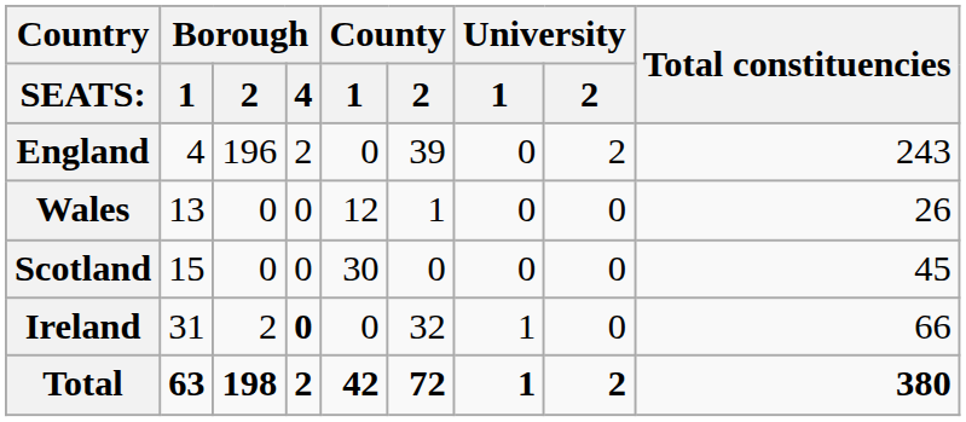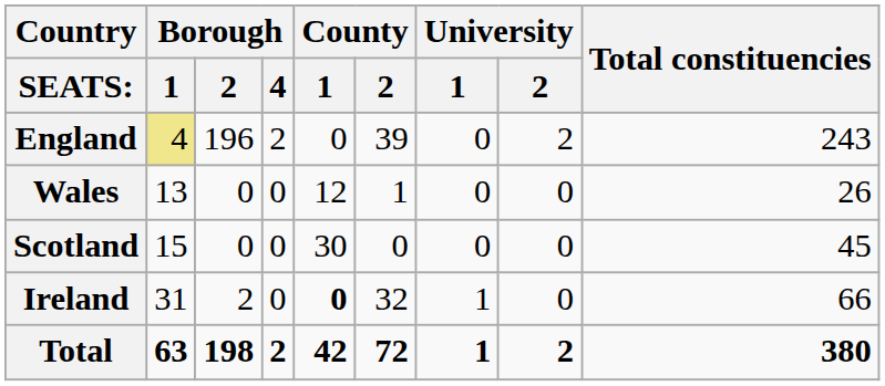 <table class="wikitable mw-datatable" style="text-align: right;">
 <tr>
 <th>Country</th>
 <th colspan=3>Borough</th>
 <th colspan=2>County</th>
 <th colspan=2>University</th>
 <th rowspan=2>Total constituencies</th>
 </tr>
 <tr>
 <th>SEATS:</th>
 <th>1</th>
 <th>2</th>
 <th>4</th>
 <th>1</th>
 <th>2</th>
 <th>1</th>
 <th>2</th>
 </tr>
 <tr>
 <th>England</th>
-<td>4</td>
+<td style="background: khaki;">4</td>
 <td>196</td>
 <td>2</td>
 <td>0</td>
 <td>39</td>
 <td>0</td>
 <td>2</td>
 <td>243</td>
 </tr>
 <tr>
 <th>Wales</th>
 <td>13</td>
 <td>0</td>
 <td>0</td>
 <td>12</td>
 <td>1</td>
 <td>0</td>
 <td>0</td>
 <td>26</td>
 </tr>
 <tr>
 <th>Scotland</th>
 <td>15</td>
 <td>0</td>
 <td>0</td>
 <td>30</td>
 <td>0</td>
 <td>0</td>
 <td>0</td>
 <td>45</td>
 </tr>
 <tr>
 <th>Ireland</th>
 <td>31</td>
 <td>2</td>
+<td>0</td>
 <td><strong>0</strong></td>
-<td>0</td>
 <td>32</td>
 <td>1</td>
 <td>0</td>
 <td>66</td>
 </tr>
 <tr class="sortbottom" style="font-weight:bold">
 <th>Total</th>
 <td>63</td>
 <td>198</td>
 <td>2</td>
 <td>42</td>
 <td>72</td>
 <td>1</td>
 <td>2</td>
 <td>380</td>
 </tr>
 </table>
